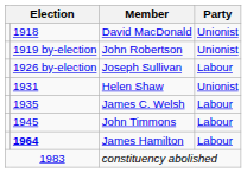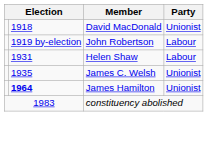 <table class="wikitable">
 <tr>
 <th colspan="2">Election</th>
 <th>Member</th>
 <th>Party</th>
 </tr>
 <tr>
 <td style="color:inherit;background-color: "></td>
 <td><a href='#'>1918</a></td>
 <td><a href='#'>David MacDonald</a></td>
 <td><a href='#'>Unionist</a></td>
 </tr>
 <tr>
 <td style="color:inherit;background-color: "></td>
 <td><a href='#'>1919 by-election</a></td>
 <td><a href='#'>John Robertson</a></td>
-<td><a href='#'>Unionist</a></td>
-</tr>
-<tr>
-<td style="color:inherit;background-color: "></td>
-<td><a href='#'>1926 by-election</a></td>
-<td><a href='#'>Joseph Sullivan</a></td>
 <td><a href='#'>Labour</a></td>
 </tr>
 <tr>
 <td style="color:inherit;background-color: "></td>
 <td><a href='#'>1931</a></td>
 <td><a href='#'>Helen Shaw</a></td>
-<td><a href='#'>Unionist</a></td>
+<td><a href='#'>Labour</a></td>
 </tr>
 <tr>
 <td style="color:inherit;background-color: "></td>
 <td><a href='#'>1935</a></td>
 <td><a href='#'>James C. Welsh</a></td>
-<td><a href='#'>Labour</a></td>
-</tr>
-<tr>
-<td style="color:inherit;background-color: "></td>
-<td><a href='#'>1945</a></td>
-<td><a href='#'>John Timmons</a></td>
-<td><a href='#'>Labour</a></td>
+<td><a href='#'>Unionist</a></td>
 </tr>
 <tr>
 <td style="color:inherit;background-color: "></td>
 <td><strong><a href='#'>1964</a></strong></td>
 <td><a href='#'>James Hamilton</a></td>
-<td><a href='#'>Labour</a></td>
+<td><a href='#'>Unionist</a></td>
 </tr>
 <tr>
 <td colspan="2" align="center"><a href='#'>1983</a></td>
 <td colspan="2"><em>constituency abolished</em></td>
 </tr>
 </table>
